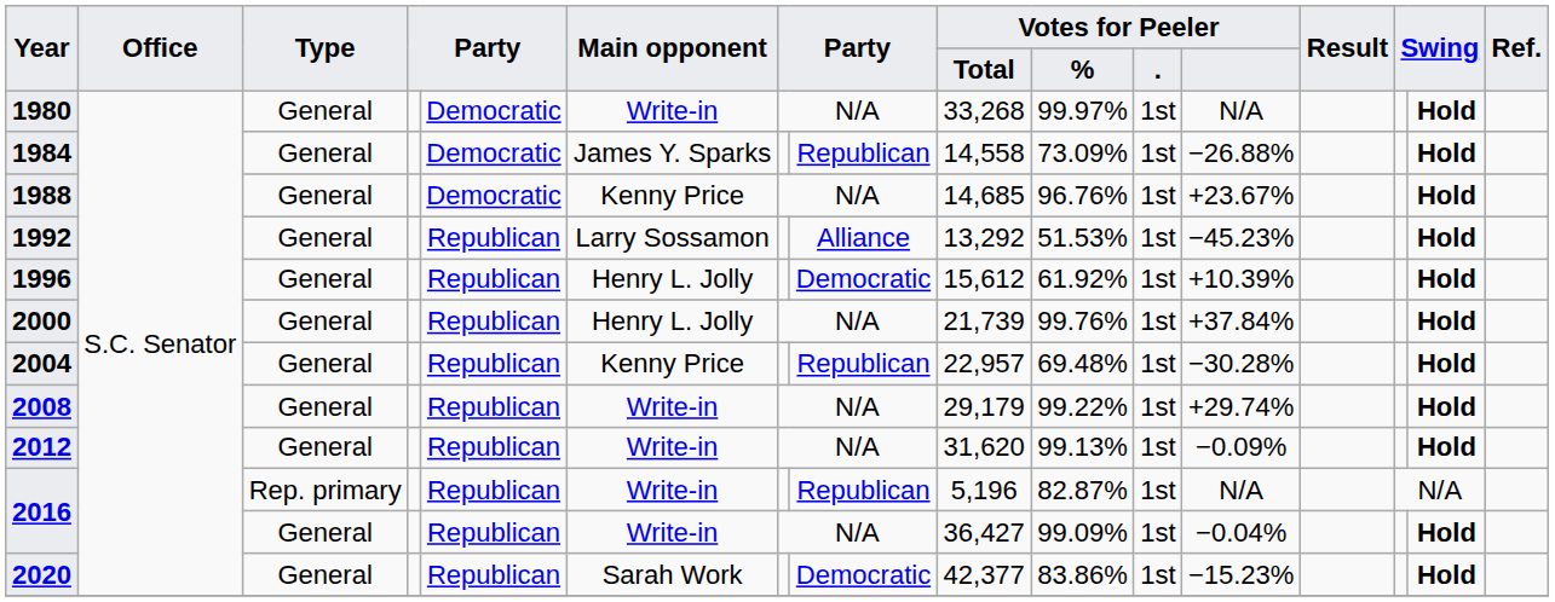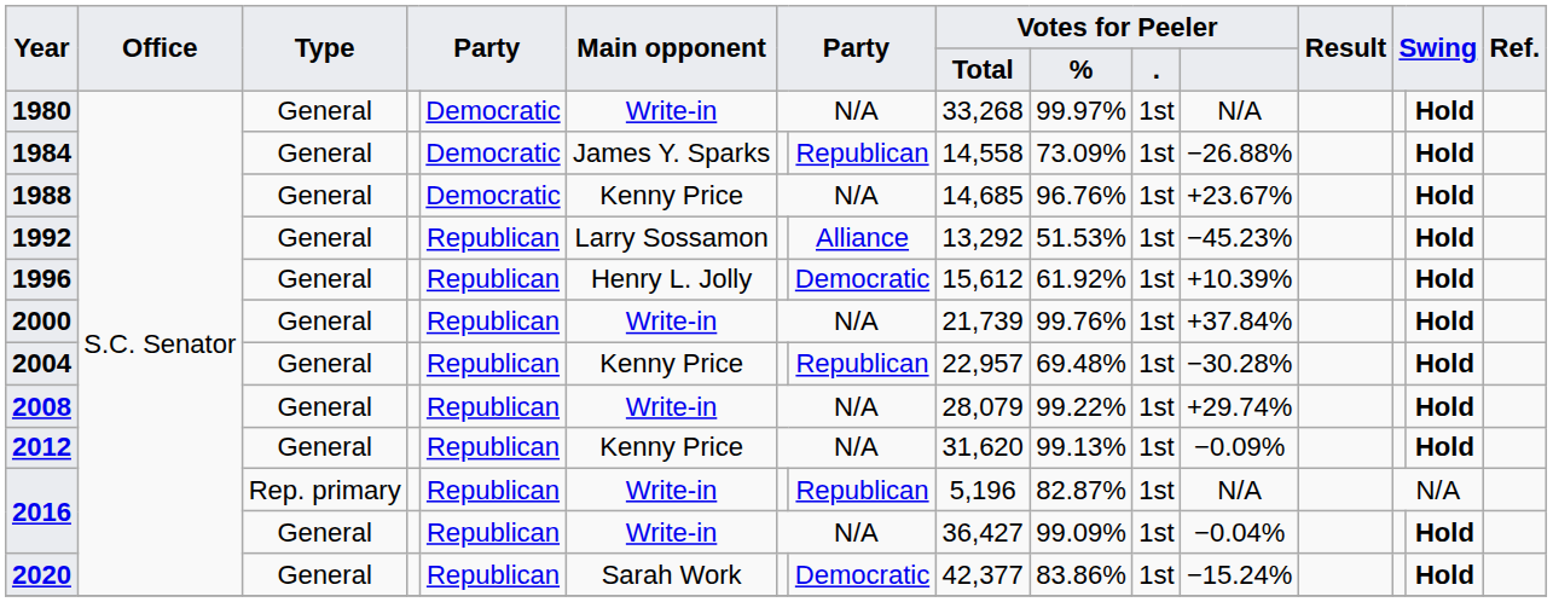 <table class="wikitable" style="font-size: 90%; text-align:center;">
 <tr>
 <th style="background-color:#EAECF0;" rowspan=2>Year</th>
 <th style="background-color:#EAECF0;" rowspan=2>Office</th>
 <th style="background-color:#EAECF0;" rowspan=2>Type</th>
 <th style="background-color:#EAECF0;" colspan=2 rowspan=2>Party</th>
 <th style="background-color:#EAECF0;" rowspan=2>Main opponent</th>
 <th style="background-color:#EAECF0;" colspan=2 rowspan=2>Party</th>
 <th style="background-color:#EAECF0;" colspan=4>Votes for Peeler</th>
 <th style="background-color:#EAECF0;" rowspan=2>Result</th>
 <th style="background-color:#EAECF0;" colspan=2 rowspan=2><a href='#'>Swing</a></th>
 <th style="background-color:#EAECF0;" colspan=2 rowspan=2>Ref.</th>
 </tr>
 <tr>
 <th style="background-color:#EAECF0;">Total</th>
 <th style="background-color:#EAECF0;">%</th>
 <th style="background-color:#EAECF0;">.</th>
 <th style="background-color:#EAECF0;"></th>
 </tr>
 <tr>
 <th style="background-color:#EAECF0;">1980</th>
 <td rowspan=12>S.C. Senator</td>
 <td>General</td>
 <td style="background-color:"></td>
 <td><a href='#'>Democratic</a></td>
 <td><a href='#'>Write-in</a></td>
 <td colspan=2>N/A</td>
 <td>33,268</td>
 <td>99.97%</td>
 <td>1st</td>
 <td>N/A</td>
 <td></td>
 <td style="background-color:"></td>
 <td><strong>Hold</strong></td>
 <td></td>
 </tr>
 <tr>
 <th style="background-color:#EAECF0;">1984</th>
 <td>General</td>
 <td style="background-color:"></td>
 <td><a href='#'>Democratic</a></td>
 <td>James Y. Sparks</td>
 <td style="background-color:"></td>
 <td><a href='#'>Republican</a></td>
 <td>14,558</td>
 <td>73.09%</td>
 <td>1st</td>
 <td>−26.88%</td>
 <td></td>
 <td style="background-color:"></td>
 <td><strong>Hold</strong></td>
 <td></td>
 </tr>
 <tr>
 <th style="background-color:#EAECF0;">1988</th>
 <td>General</td>
 <td style="background-color:"></td>
 <td><a href='#'>Democratic</a></td>
 <td>Kenny Price</td>
 <td colspan=2>N/A</td>
 <td>14,685</td>
 <td>96.76%</td>
 <td>1st</td>
 <td>+23.67%</td>
 <td></td>
 <td style="background-color:"></td>
 <td><strong>Hold</strong></td>
 <td></td>
 </tr>
 <tr>
 <th style="background-color:#EAECF0;">1992</th>
 <td>General</td>
 <td style="background-color:"></td>
 <td><a href='#'>Republican</a></td>
 <td>Larry Sossamon</td>
 <td style="background-color:"></td>
 <td><a href='#'>Alliance</a></td>
 <td>13,292</td>
 <td>51.53%</td>
 <td>1st</td>
 <td>−45.23%</td>
 <td></td>
 <td style="background-color:"></td>
 <td><strong>Hold</strong></td>
 <td></td>
 </tr>
 <tr>
 <th style="background-color:#EAECF0;">1996</th>
 <td>General</td>
 <td style="background-color:"></td>
 <td><a href='#'>Republican</a></td>
 <td>Henry L. Jolly</td>
 <td style="background-color:"></td>
 <td><a href='#'>Democratic</a></td>
 <td>15,612</td>
 <td>61.92%</td>
 <td>1st</td>
 <td>+10.39%</td>
 <td></td>
 <td style="background-color:"></td>
 <td><strong>Hold</strong></td>
 <td></td>
 </tr>
 <tr>
 <th style="background-color:#EAECF0;">2000</th>
 <td>General</td>
 <td style="background-color:"></td>
 <td><a href='#'>Republican</a></td>
-<td>Henry L. Jolly</td>
+<td><a href='#'>Write-in</a></td>
 <td colspan=2>N/A</td>
 <td>21,739</td>
 <td>99.76%</td>
 <td>1st</td>
 <td>+37.84%</td>
 <td></td>
 <td style="background-color:"></td>
 <td><strong>Hold</strong></td>
 <td></td>
 </tr>
 <tr>
 <th style="background-color:#EAECF0;">2004</th>
 <td>General</td>
 <td style="background-color:"></td>
 <td><a href='#'>Republican</a></td>
 <td>Kenny Price</td>
 <td style="background-color:"></td>
 <td><a href='#'>Republican</a></td>
 <td>22,957</td>
 <td>69.48%</td>
 <td>1st</td>
 <td>−30.28%</td>
 <td></td>
 <td style="background-color:"></td>
 <td><strong>Hold</strong></td>
 <td></td>
 </tr>
 <tr>
 <th style="background-color:#EAECF0;"><a href='#'>2008</a></th>
 <td>General</td>
 <td style="background-color:"></td>
 <td><a href='#'>Republican</a></td>
 <td><a href='#'>Write-in</a></td>
 <td colspan=2>N/A</td>
-<td>29,179</td>
+<td>28,079</td>
 <td>99.22%</td>
 <td>1st</td>
 <td>+29.74%</td>
 <td></td>
 <td style="background-color:"></td>
 <td><strong>Hold</strong></td>
 <td></td>
 </tr>
 <tr>
 <th style="background-color:#EAECF0;"><a href='#'>2012</a></th>
 <td>General</td>
 <td style="background-color:"></td>
 <td><a href='#'>Republican</a></td>
-<td><a href='#'>Write-in</a></td>
+<td>Kenny Price</td>
 <td colspan=2>N/A</td>
 <td>31,620</td>
 <td>99.13%</td>
 <td>1st</td>
 <td>−0.09%</td>
 <td></td>
 <td style="background-color:"></td>
 <td><strong>Hold</strong></td>
 <td></td>
 </tr>
 <tr>
 <th rowspan=2 style="background-color:#EAECF0;"><a href='#'>2016</a></th>
 <td>Rep. primary</td>
 <td style="background-color:"></td>
 <td><a href='#'>Republican</a></td>
 <td><a href='#'>Write-in</a></td>
 <td style="background-color:"></td>
 <td><a href='#'>Republican</a></td>
 <td>5,196</td>
 <td>82.87%</td>
 <td>1st</td>
 <td>N/A</td>
 <td></td>
 <td colspan=2>N/A</td>
 <td></td>
 </tr>
 <tr>
 <td>General</td>
 <td style="background-color:"></td>
 <td><a href='#'>Republican</a></td>
 <td><a href='#'>Write-in</a></td>
 <td colspan=2>N/A</td>
 <td>36,427</td>
 <td>99.09%</td>
 <td>1st</td>
 <td>−0.04%</td>
 <td></td>
 <td style="background-color:"></td>
 <td><strong>Hold</strong></td>
 <td></td>
 </tr>
 <tr>
 <th style="background-color:#EAECF0;"><a href='#'>2020</a></th>
 <td>General</td>
 <td style="background-color:"></td>
 <td><a href='#'>Republican</a></td>
 <td>Sarah Work</td>
 <td style="background-color:"></td>
 <td><a href='#'>Democratic</a></td>
 <td>42,377</td>
 <td>83.86%</td>
 <td>1st</td>
-<td>−15.23%</td>
+<td>−15.24%</td>
 <td></td>
 <td style="background-color:"></td>
 <td><strong>Hold</strong></td>
 <td></td>
 </tr>
 <tr>
 </tr>
 </table>
